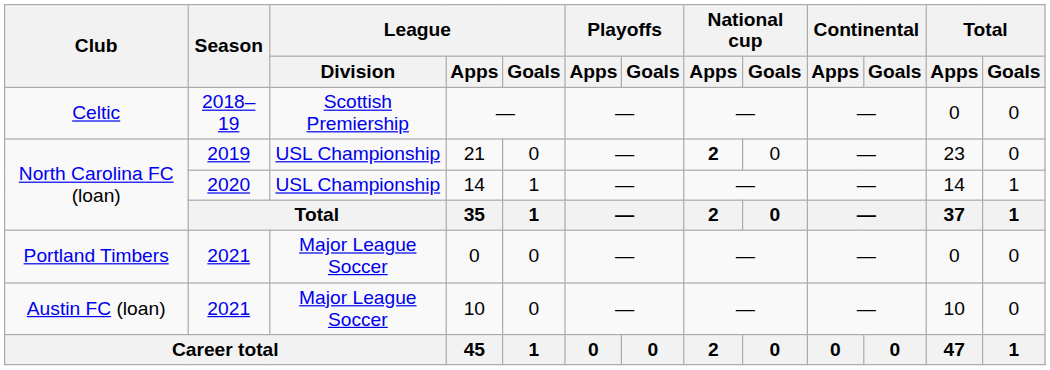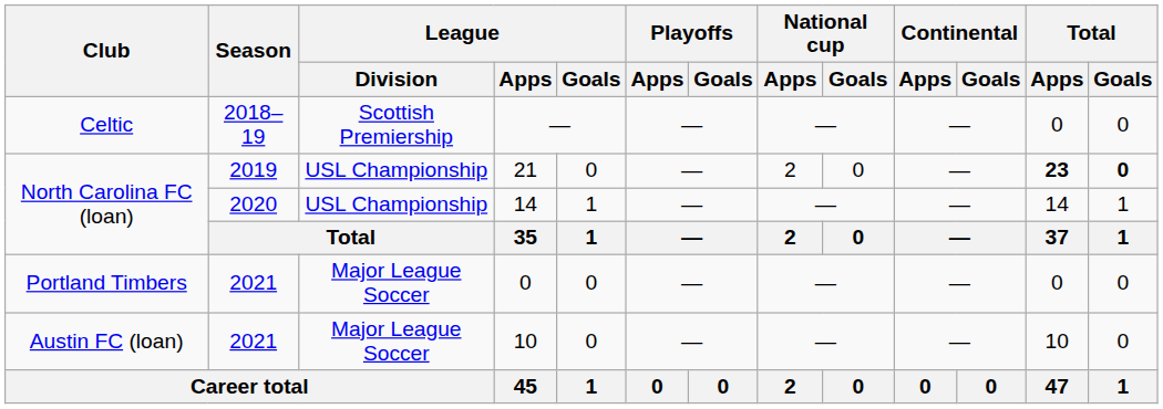 <table class=wikitable style=text-align:center>
 <tr>
 <th rowspan=2>Club</th>
 <th rowspan=2>Season</th>
 <th colspan=3>League</th>
 <th colspan=2>Playoffs</th>
 <th colspan=2>National cup</th>
 <th colspan=2>Continental</th>
 <th colspan=2>Total</th>
 </tr>
 <tr>
 <th>Division</th>
 <th>Apps</th>
 <th>Goals</th>
 <th>Apps</th>
 <th>Goals</th>
 <th>Apps</th>
 <th>Goals</th>
 <th>Apps</th>
 <th>Goals</th>
 <th>Apps</th>
 <th>Goals</th>
 </tr>
 <tr>
 <td rowspan=1><a href='#'>Celtic</a></td>
 <td><a href='#'>2018–19</a></td>
 <td><a href='#'>Scottish Premiership</a></td>
 <td colspan=2>—</td>
 <td colspan=2>—</td>
 <td colspan=2>—</td>
 <td colspan=2>—</td>
 <td>0</td>
 <td>0</td>
 </tr>
 <tr>
 <td rowspan=3><a href='#'>North Carolina FC</a> (loan)</td>
 <td><a href='#'>2019</a></td>
 <td><a href='#'>USL Championship</a></td>
 <td>21</td>
 <td>0</td>
 <td colspan=2>—</td>
-<td><strong>2</strong></td>
+<td>2</td>
 <td>0</td>
 <td colspan=2>—</td>
-<td>23</td>
-<td>0</td>
+<td><strong>23</strong></td>
+<td><strong>0</strong></td>
 </tr>
 <tr>
 <td><a href='#'>2020</a></td>
 <td><a href='#'>USL Championship</a></td>
 <td>14</td>
 <td>1</td>
 <td colspan=2>—</td>
 <td colspan=2>—</td>
 <td colspan=2>—</td>
 <td>14</td>
 <td>1</td>
 </tr>
 <tr>
 <th colspan=2>Total</th>
 <th>35</th>
 <th>1</th>
 <th colspan=2>—</th>
 <th>2</th>
 <th>0</th>
 <th colspan=2>—</th>
 <th>37</th>
 <th>1</th>
 </tr>
 <tr>
 <td rowspan=1><a href='#'>Portland Timbers</a></td>
 <td><a href='#'>2021</a></td>
 <td><a href='#'>Major League Soccer</a></td>
 <td>0</td>
 <td>0</td>
 <td colspan=2>—</td>
 <td colspan=2>—</td>
 <td colspan=2>—</td>
 <td>0</td>
 <td>0</td>
 </tr>
 <tr>
 <td rowspan=1><a href='#'>Austin FC</a> (loan)</td>
 <td><a href='#'>2021</a></td>
 <td><a href='#'>Major League Soccer</a></td>
 <td>10</td>
 <td>0</td>
 <td colspan=2>—</td>
 <td colspan=2>—</td>
 <td colspan=2>—</td>
 <td>10</td>
 <td>0</td>
 </tr>
 <tr>
 <th colspan=3>Career total</th>
 <th>45</th>
 <th>1</th>
 <th>0</th>
 <th>0</th>
 <th>2</th>
 <th>0</th>
 <th>0</th>
 <th>0</th>
 <th>47</th>
 <th>1</th>
 </tr>
 </table>
